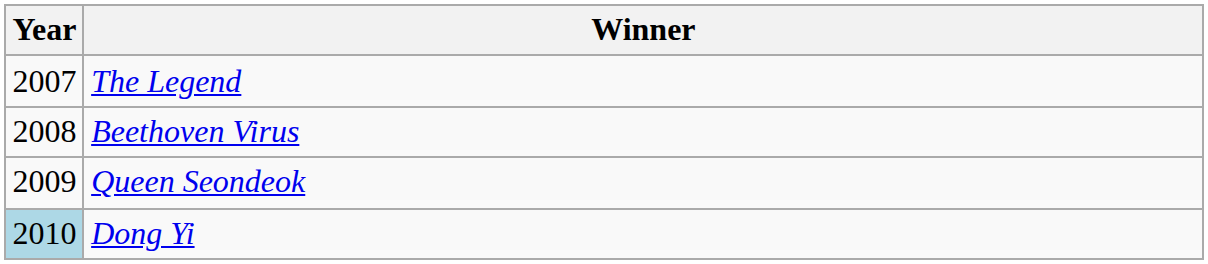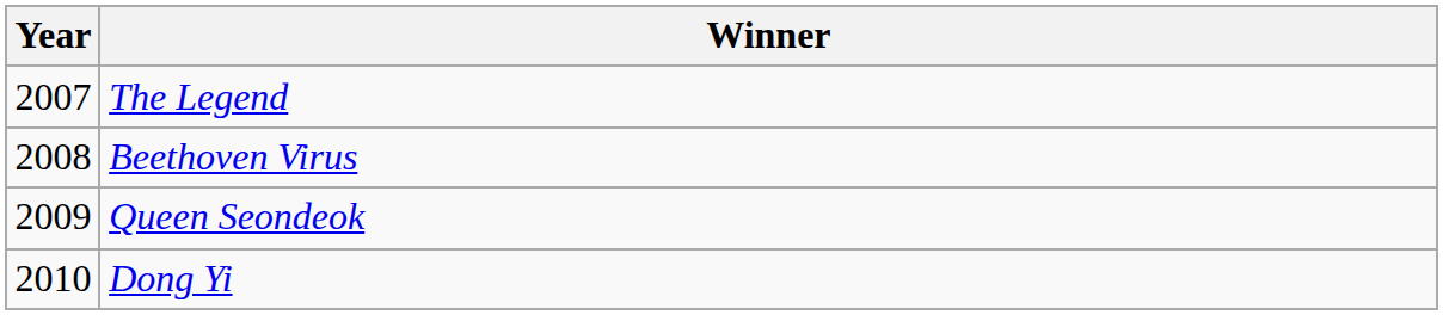 <table class="wikitable" style="width:600px">
 <tr>
 <th width=10>Year</th>
 <th>Winner</th>
 </tr>
 <tr>
 <td>2007</td>
 <td><em><a href='#'>The Legend</a></em></td>
 </tr>
 <tr>
 <td>2008</td>
 <td><em><a href='#'>Beethoven Virus</a></em></td>
 </tr>
 <tr>
 <td>2009</td>
 <td><em><a href='#'>Queen Seondeok</a></em></td>
 </tr>
 <tr>
-<td style="background: lightblue;">2010</td>
+<td>2010</td>
 <td><em><a href='#'>Dong Yi</a></em></td>
 </tr>
 </table>
